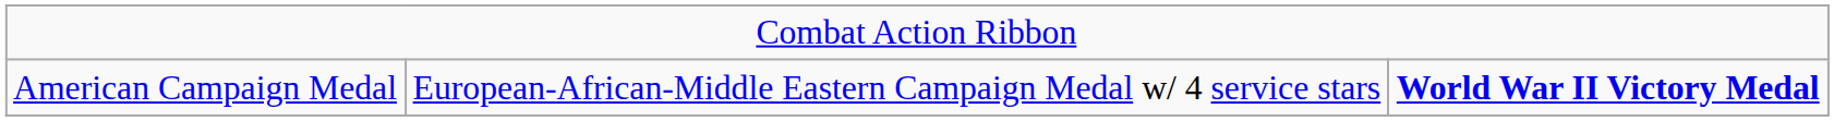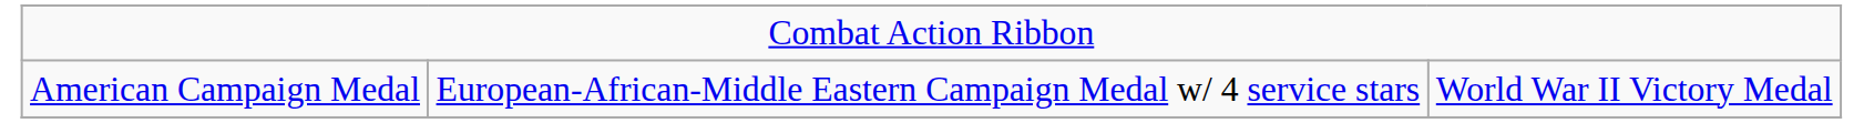 <table class="wikitable" style="margin:1em auto; text-align:center;">
 <tr>
 <td colspan=3><a href='#'>Combat Action Ribbon</a></td>
 </tr>
 <tr>
 <td><a href='#'>American Campaign Medal</a></td>
 <td><a href='#'>European-African-Middle Eastern Campaign Medal</a> w/ 4 <a href='#'>service stars</a></td>
-<td><strong><a href='#'>World War II Victory Medal</a></strong></td>
+<td><a href='#'>World War II Victory Medal</a></td>
 </tr>
 <tr>
 </tr>
 </table>
